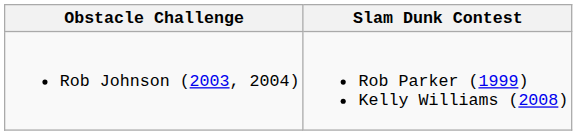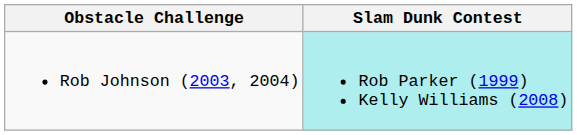 <table class=wikitable>
 <tr>
 <th>Obstacle Challenge</th>
 <th>Slam Dunk Contest</th>
 </tr>
 <tr>
 <td valign="top"><br><ul><li>Rob Johnson (<a href='#'>2003</a>, 2004)</li></ul></td>
-<td valign="top"><br><ul><li>Rob Parker (<a href='#'>1999</a>)</li><li>Kelly Williams (<a href='#'>2008</a>)</li></ul></td>
+<td valign="top" style="background: paleturquoise;"><br><ul><li>Rob Parker (<a href='#'>1999</a>)</li><li>Kelly Williams (<a href='#'>2008</a>)</li></ul></td>
 </tr>
 </table>
